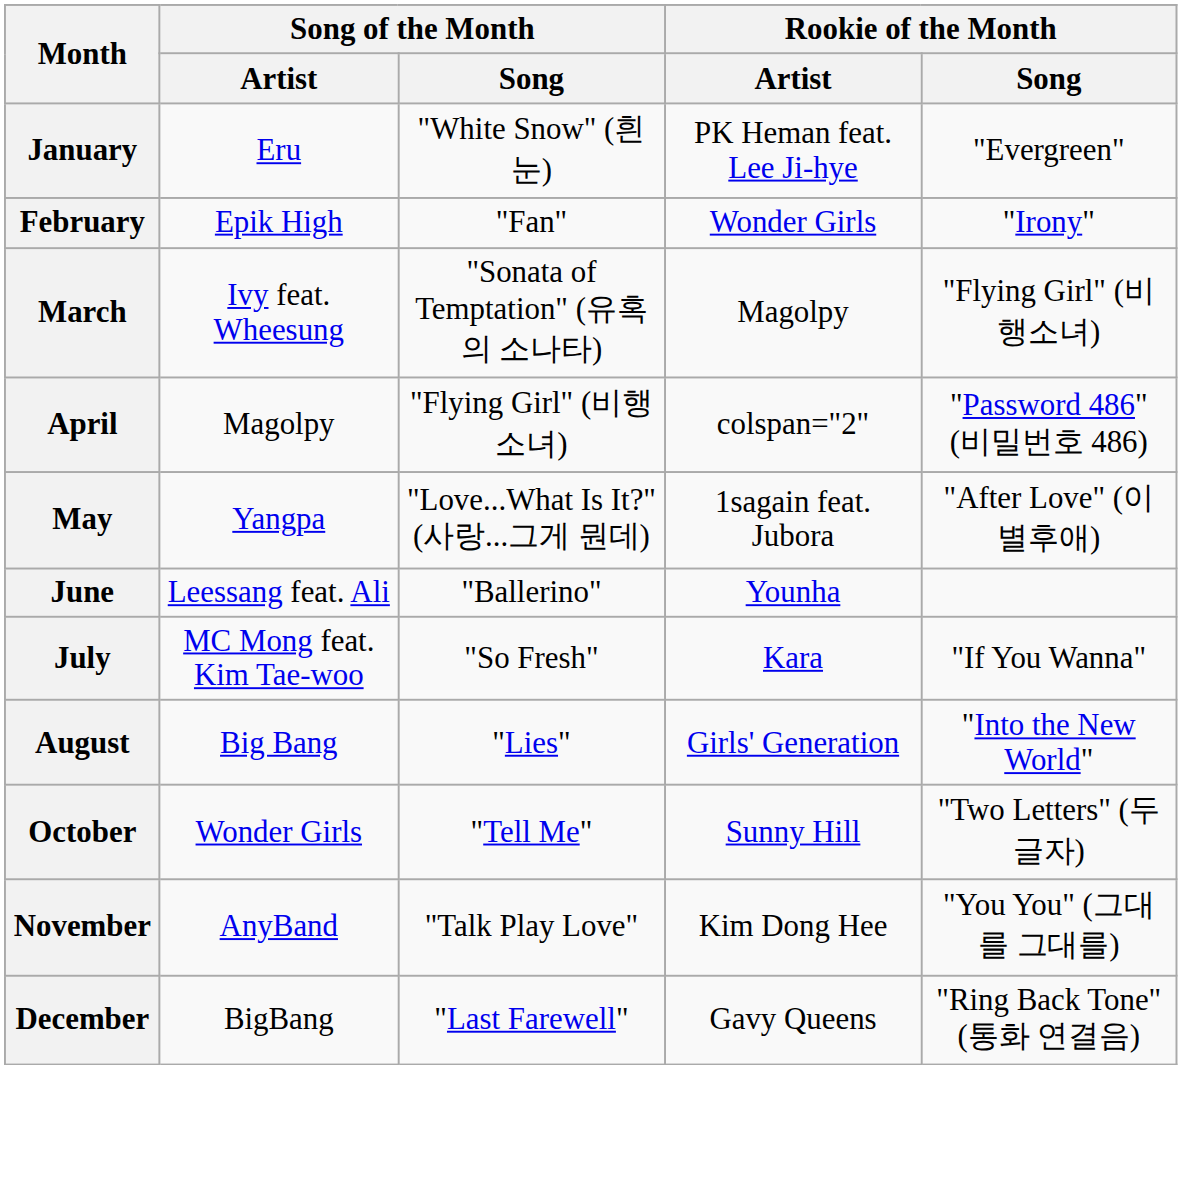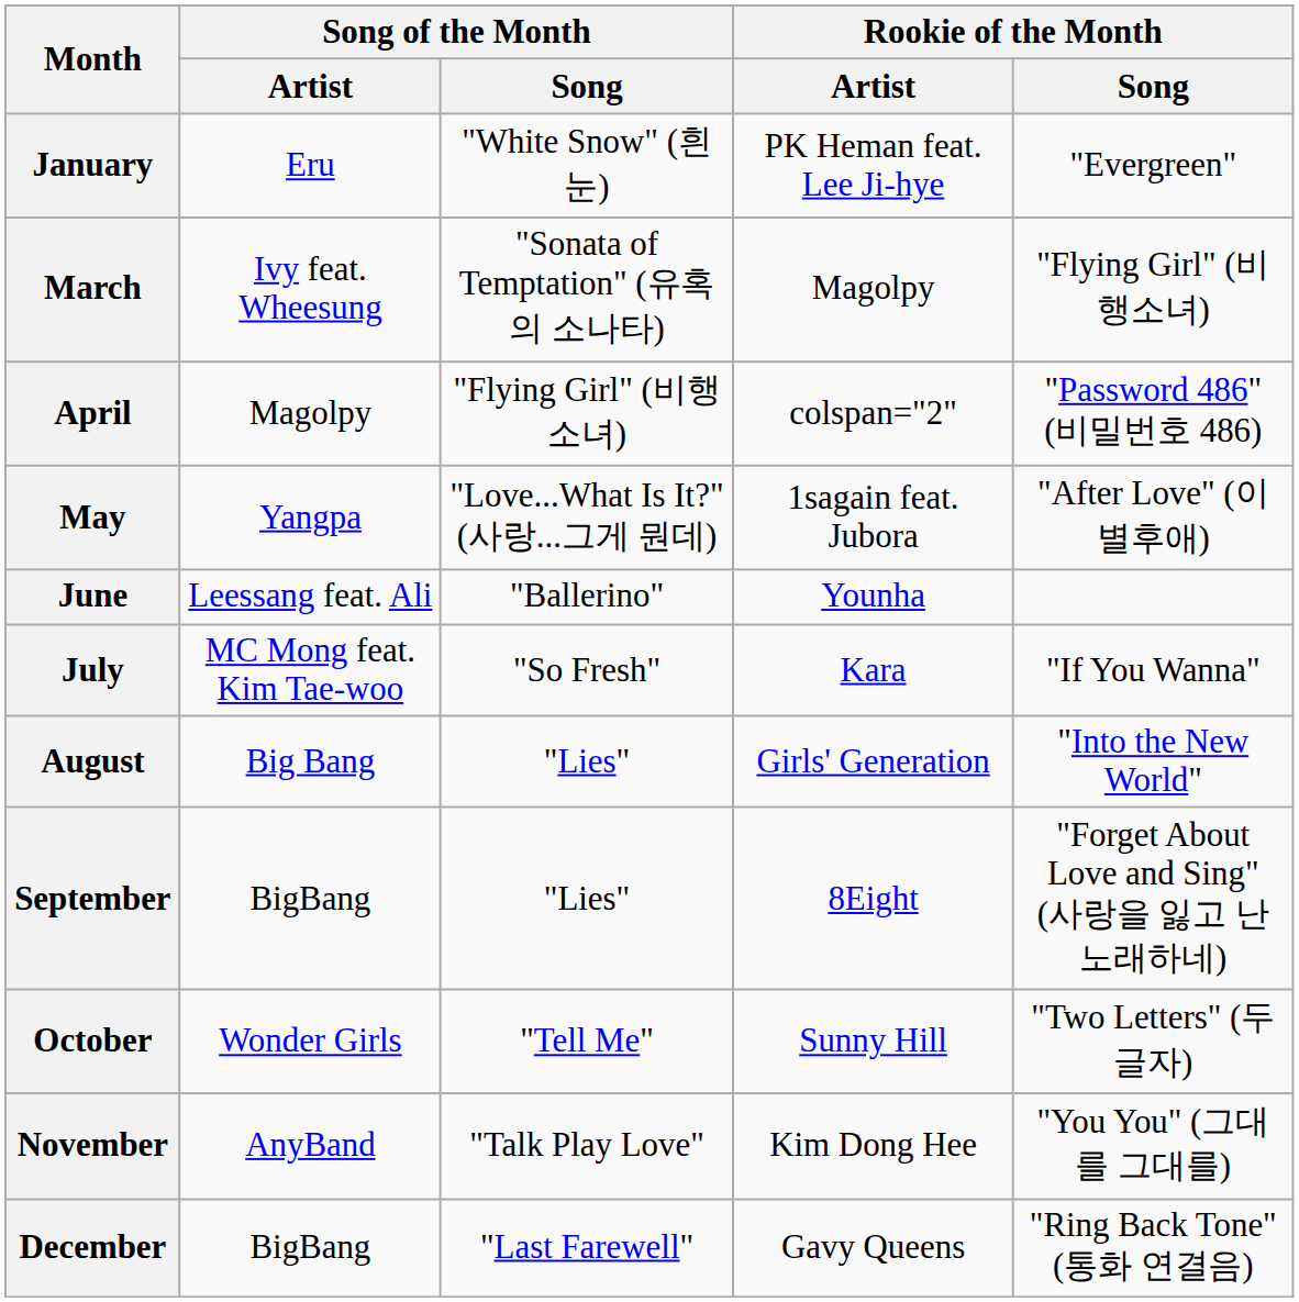 <table class="wikitable plainrowheaders" style="text-align:center;">
 <tr>
 <th rowspan="2" style="width:5em;">Month</th>
 <th colspan="2">Song of the Month</th>
 <th colspan="2">Rookie of the Month</th>
 </tr>
 <tr>
 <th style="width:20em;">Artist</th>
 <th style="width:20em;">Song</th>
 <th style="width:20em;">Artist</th>
 <th style="width:20em;">Song</th>
 </tr>
 <tr>
 <th>January</th>
 <td><a href='#'>Eru</a></td>
 <td>"White Snow" (흰눈)</td>
 <td>PK Heman feat. <a href='#'>Lee Ji-hye</a></td>
 <td>"Evergreen"</td>
-</tr>
-<tr>
-<th>February</th>
-<td><a href='#'>Epik High</a></td>
-<td>"Fan"</td>
-<td><a href='#'>Wonder Girls</a></td>
-<td>"<a href='#'>Irony</a>"</td>
 </tr>
 <tr>
 <th>March</th>
 <td><a href='#'>Ivy</a> feat. <a href='#'>Wheesung</a></td>
 <td>"Sonata of Temptation" (유혹의 소나타)</td>
 <td>Magolpy</td>
 <td>"Flying Girl" (비행소녀)</td>
 </tr>
 <tr>
 <th>April</th>
 <td>Magolpy</td>
 <td>"Flying Girl" (비행소녀)</td>
 <td>colspan="2" </td>
 <td>"<a href='#'>Password 486</a>" (비밀번호 486)</td>
 </tr>
 <tr>
 <th>May</th>
 <td><a href='#'>Yangpa</a></td>
 <td>"Love...What Is It?" (사랑...그게 뭔데)</td>
 <td>1sagain feat. Jubora</td>
 <td>"After Love" (이별후애)</td>
 </tr>
 <tr>
 <th>June</th>
 <td><a href='#'>Leessang</a> feat. <a href='#'>Ali</a></td>
 <td>"Ballerino"</td>
 <td><a href='#'>Younha</a></td>
 </tr>
 <tr>
 <th>July</th>
 <td><a href='#'>MC Mong</a> feat. <a href='#'>Kim Tae-woo</a></td>
 <td>"So Fresh"</td>
 <td><a href='#'>Kara</a></td>
 <td>"If You Wanna"</td>
 </tr>
 <tr>
 <th>August</th>
 <td><a href='#'>Big Bang</a></td>
 <td>"<a href='#'>Lies</a>"</td>
 <td><a href='#'>Girls' Generation</a></td>
 <td>"<a href='#'>Into the New World</a>"</td>
 </tr>
 <tr>
+<th>September</th>
+<td>BigBang</td>
+<td>"Lies"</td>
+<td><a href='#'>8Eight</a></td>
+<td>"Forget About Love and Sing" (사랑을 잃고 난 노래하네)</td>
+</tr>
+<tr>
 <th>October</th>
 <td><a href='#'>Wonder Girls</a></td>
 <td>"<a href='#'>Tell Me</a>"</td>
 <td><a href='#'>Sunny Hill</a></td>
 <td>"Two Letters" (두글자)</td>
 </tr>
 <tr>
 <th>November</th>
 <td><a href='#'>AnyBand</a></td>
 <td>"Talk Play Love"</td>
 <td>Kim Dong Hee</td>
 <td>"You You" (그대를 그대를)</td>
 </tr>
 <tr>
 <th>December</th>
 <td>BigBang</td>
 <td>"<a href='#'>Last Farewell</a>"</td>
 <td>Gavy Queens</td>
 <td>"Ring Back Tone" (통화 연결음)</td>
 </tr>
 </table>
